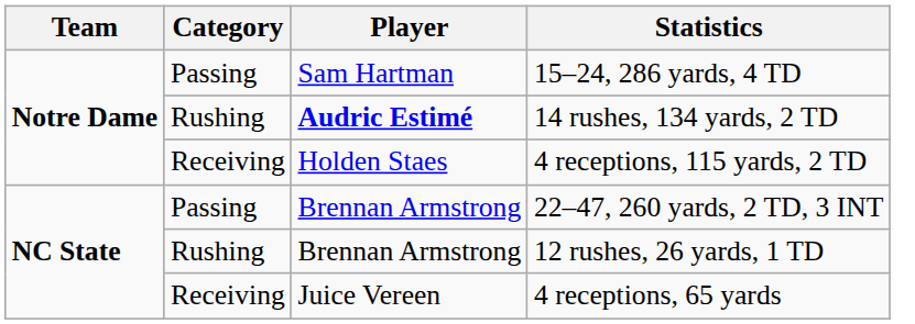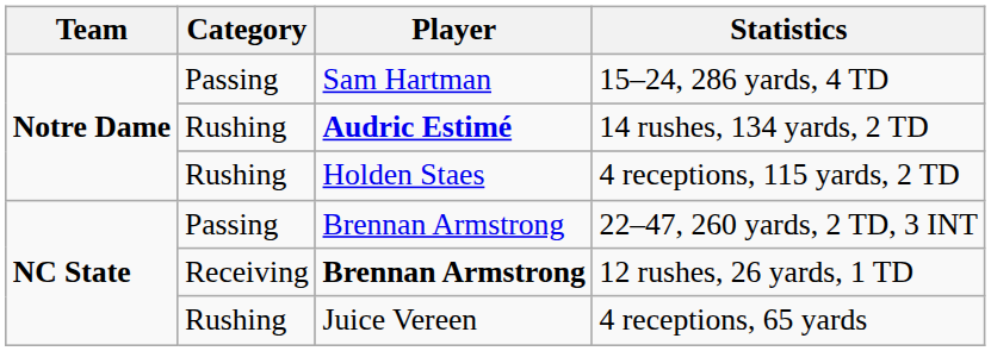 <table class="wikitable" style="float: left;">
 <tr>
 <th>Team</th>
 <th>Category</th>
 <th>Player</th>
 <th>Statistics</th>
 </tr>
 <tr>
 <td rowspan=3><strong>Notre Dame</strong></td>
 <td>Passing</td>
 <td><a href='#'>Sam Hartman</a></td>
 <td>15–24, 286 yards, 4 TD</td>
 </tr>
 <tr>
 <td>Rushing</td>
 <td><strong><a href='#'>Audric Estimé</a></strong></td>
 <td>14 rushes, 134 yards, 2 TD</td>
 </tr>
 <tr>
-<td>Receiving</td>
+<td>Rushing</td>
 <td><a href='#'>Holden Staes</a></td>
 <td>4 receptions, 115 yards, 2 TD</td>
 </tr>
 <tr>
 <td rowspan=3><strong>NC State</strong></td>
 <td>Passing</td>
 <td><a href='#'>Brennan Armstrong</a></td>
 <td>22–47, 260 yards, 2 TD, 3 INT</td>
 </tr>
 <tr>
-<td>Rushing</td>
-<td>Brennan Armstrong</td>
+<td>Receiving</td>
+<td><strong>Brennan Armstrong</strong></td>
 <td>12 rushes, 26 yards, 1 TD</td>
 </tr>
 <tr>
-<td>Receiving</td>
+<td>Rushing</td>
 <td>Juice Vereen</td>
 <td>4 receptions, 65 yards</td>
 </tr>
 </table>
